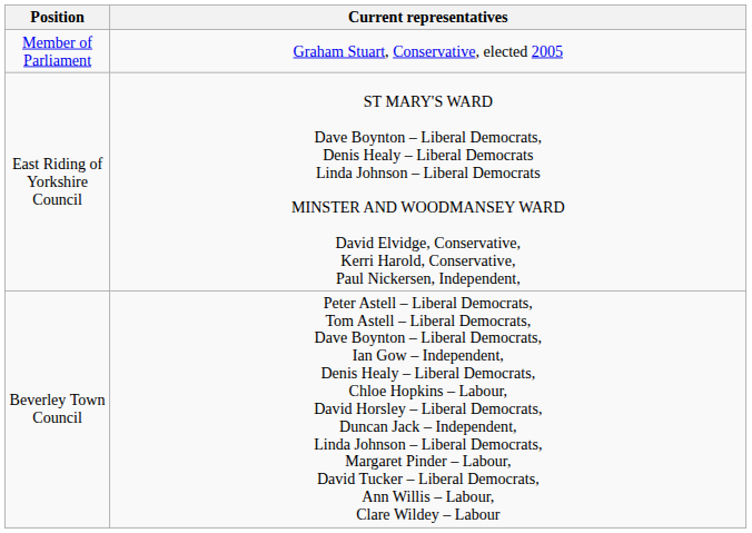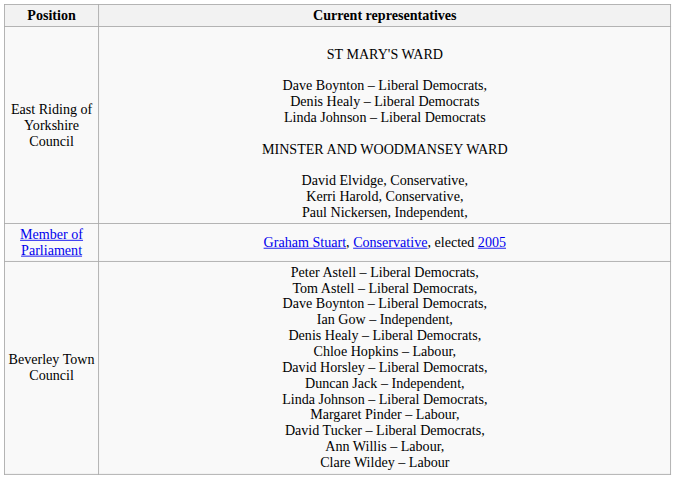 <table width=60% class="wikitable">
 <tr>
 <th width=14%>Position</th>
 <th width=85%>Current representatives</th>
 </tr>
 <tr>
+<td align="center">East Riding of Yorkshire Council</td>
+<td align="center"><br>ST MARY'S WARD <br> <br> Dave Boynton – Liberal Democrats, <br> Denis Healy – Liberal Democrats <br> Linda Johnson  – Liberal Democrats<br> <br> MINSTER AND WOODMANSEY WARD <br> <br> David Elvidge, Conservative, <br> Kerri Harold, Conservative, <br> Paul Nickersen, Independent, <br></td>
+</tr>
+<tr>
 <td align="center"><a href='#'>Member of Parliament</a></td>
 <td align="center"><a href='#'>Graham Stuart</a>, <a href='#'>Conservative</a>, elected <a href='#'>2005</a></td>
-</tr>
-<tr>
-<td align="center">East Riding of Yorkshire Council</td>
-<td align="center"><br>ST MARY'S WARD <br> <br> Dave Boynton – Liberal Democrats, <br> Denis Healy – Liberal Democrats <br> Linda Johnson  – Liberal Democrats<br> <br> MINSTER AND WOODMANSEY WARD <br> <br> David Elvidge, Conservative, <br> Kerri Harold, Conservative, <br> Paul Nickersen, Independent, <br></td>
 </tr>
 <tr>
 <td align="center">Beverley Town Council</td>
 <td align="center">Peter Astell – Liberal Democrats, <br> Tom Astell – Liberal Democrats, <br> Dave Boynton – Liberal Democrats, <br> Ian Gow – Independent, <br> Denis Healy – Liberal Democrats, <br> Chloe Hopkins – Labour, <br> David Horsley – Liberal Democrats, <br> Duncan Jack – Independent,  <br> Linda Johnson – Liberal Democrats,  <br> Margaret Pinder – Labour, <br> David Tucker – Liberal Democrats, <br> Ann Willis – Labour, <br> Clare Wildey – Labour <br></td>
 </tr>
 </table>
